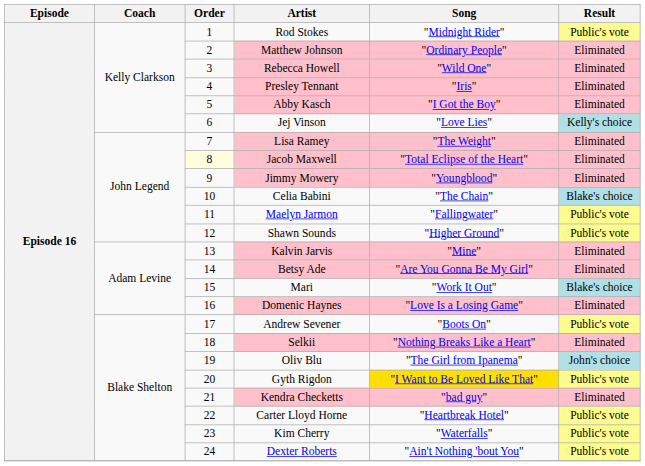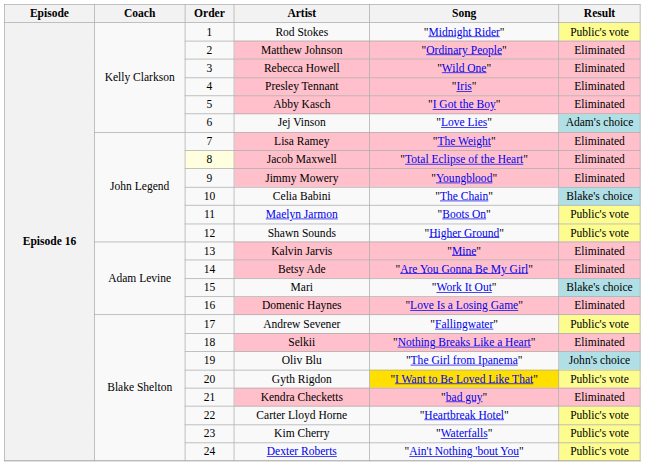 <table class="wikitable" style="text-align:center; width:100%;">
 <tr>
 <th style="width:10%;">Episode</th>
 <th style="width:10%;">Coach</th>
 <th style="width:05%;">Order</th>
 <th style="width:15%;">Artist</th>
 <th style="width:21%;">Song</th>
 <th style="width:9%;">Result</th>
 </tr>
 <tr>
 <th rowspan="24">Episode 16<br><small></small></th>
 <td rowspan="6">Kelly Clarkson</td>
 <td>1</td>
 <td>Rod Stokes</td>
 <td>"<a href='#'>Midnight Rider</a>"</td>
 <td style="background:#fdfc8f;">Public's vote</td>
 </tr>
 <tr>
 <td>2</td>
 <td style="background:pink;">Matthew Johnson</td>
 <td style="background:pink;">"<a href='#'>Ordinary People</a>"</td>
 <td style="background:pink;">Eliminated</td>
 </tr>
 <tr>
 <td>3</td>
 <td style="background:pink;">Rebecca Howell</td>
 <td style="background:pink;">"<a href='#'>Wild One</a>"</td>
 <td style="background:pink;">Eliminated</td>
 </tr>
 <tr>
 <td>4</td>
 <td style="background:pink;">Presley Tennant</td>
 <td style="background:pink;">"<a href='#'>Iris</a>"</td>
 <td style="background:pink;">Eliminated</td>
 </tr>
 <tr>
 <td>5</td>
 <td style="background:pink;">Abby Kasch</td>
 <td style="background:pink;">"<a href='#'>I Got the Boy</a>"</td>
 <td style="background:pink;">Eliminated</td>
 </tr>
 <tr>
 <td>6</td>
 <td>Jej Vinson</td>
 <td>"<a href='#'>Love Lies</a>"</td>
-<td style="background:#B0E0E6;">Kelly's choice</td>
+<td style="background:#B0E0E6;">Adam's choice</td>
 </tr>
 <tr>
 <td rowspan="6">John Legend</td>
 <td>7</td>
 <td style="background:pink;">Lisa Ramey</td>
 <td style="background:pink;">"<a href='#'>The Weight</a>"</td>
 <td style="background:pink;">Eliminated</td>
 </tr>
 <tr>
 <td style="background: lightyellow;">8</td>
 <td style="background:pink;">Jacob Maxwell</td>
 <td style="background:pink;">"<a href='#'>Total Eclipse of the Heart</a>"</td>
 <td style="background:pink;">Eliminated</td>
 </tr>
 <tr>
 <td>9</td>
 <td style="background:pink;">Jimmy Mowery</td>
 <td style="background:pink;">"<a href='#'>Youngblood</a>"</td>
 <td style="background:pink;">Eliminated</td>
 </tr>
 <tr>
 <td>10</td>
 <td>Celia Babini</td>
 <td>"<a href='#'>The Chain</a>"</td>
 <td style="background:#B0E0E6;">Blake's choice</td>
 </tr>
 <tr>
 <td>11</td>
 <td><a href='#'>Maelyn Jarmon</a></td>
-<td>"<a href='#'>Fallingwater</a>"</td>
+<td>"<a href='#'>Boots On</a>"</td>
 <td style="background:#fdfc8f;">Public's vote</td>
 </tr>
 <tr>
 <td>12</td>
 <td>Shawn Sounds</td>
 <td>"<a href='#'>Higher Ground</a>"</td>
 <td style="background:#fdfc8f;">Public's vote</td>
 </tr>
 <tr>
 <td rowspan="4">Adam Levine</td>
 <td>13</td>
 <td style="background:pink;">Kalvin Jarvis</td>
 <td style="background:pink;">"<a href='#'>Mine</a>"</td>
 <td style="background:pink;">Eliminated</td>
 </tr>
 <tr>
 <td>14</td>
 <td style="background:pink;">Betsy Ade</td>
 <td style="background:pink;">"<a href='#'>Are You Gonna Be My Girl</a>"</td>
 <td style="background:pink;">Eliminated</td>
 </tr>
 <tr>
 <td>15</td>
 <td>Mari</td>
 <td>"<a href='#'>Work It Out</a>"</td>
 <td style="background:#B0E0E6;">Blake's choice</td>
 </tr>
 <tr>
 <td>16</td>
 <td style="background:pink;">Domenic Haynes</td>
 <td style="background:pink;">"<a href='#'>Love Is a Losing Game</a>"</td>
 <td style="background:pink;">Eliminated</td>
 </tr>
 <tr>
 <td rowspan="8">Blake Shelton</td>
 <td>17</td>
 <td>Andrew Sevener</td>
-<td>"<a href='#'>Boots On</a>"</td>
+<td>"<a href='#'>Fallingwater</a>"</td>
 <td style="background:#fdfc8f;">Public's vote</td>
 </tr>
 <tr>
 <td>18</td>
 <td style="background:pink;">Selkii</td>
 <td style="background:pink;">"<a href='#'>Nothing Breaks Like a Heart</a>"</td>
 <td style="background:pink;">Eliminated</td>
 </tr>
 <tr>
 <td>19</td>
 <td>Oliv Blu</td>
 <td>"<a href='#'>The Girl from Ipanema</a>"</td>
 <td style="background:#B0E0E6;">John's choice</td>
 </tr>
 <tr>
 <td>20</td>
 <td>Gyth Rigdon</td>
 <td style="background:#fedf00;">"<a href='#'>I Want to Be Loved Like That</a>"</td>
 <td style="background:#fdfc8f;">Public's vote</td>
 </tr>
 <tr>
 <td>21</td>
 <td style="background:pink;">Kendra Checketts</td>
 <td style="background:pink;">"<a href='#'>bad guy</a>"</td>
 <td style="background:pink;">Eliminated</td>
 </tr>
 <tr>
 <td>22</td>
 <td>Carter Lloyd Horne</td>
 <td>"<a href='#'>Heartbreak Hotel</a>"</td>
 <td style="background:#fdfc8f;">Public's vote</td>
 </tr>
 <tr>
 <td>23</td>
 <td>Kim Cherry</td>
 <td>"<a href='#'>Waterfalls</a>"</td>
 <td style="background:#fdfc8f;">Public's vote</td>
 </tr>
 <tr>
 <td>24</td>
 <td><a href='#'>Dexter Roberts</a></td>
 <td>"<a href='#'>Ain't Nothing 'bout You</a>"</td>
 <td style="background:#fdfc8f;">Public's vote</td>
 </tr>
 <tr>
 </tr>
 </table>
